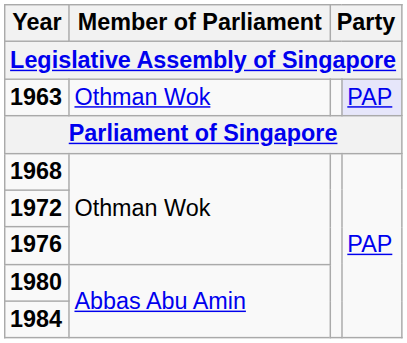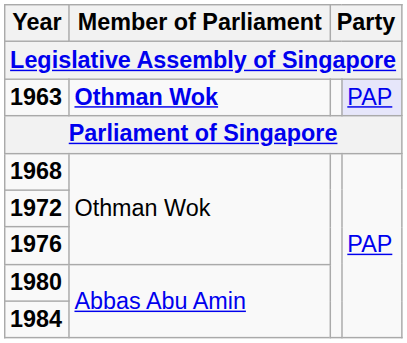 <table class="wikitable">
 <tr>
 <th>Year</th>
 <th>Member of Parliament</th>
 <th colspan="2">Party</th>
 </tr>
 <tr>
 <th colspan="4"><a href='#'>Legislative Assembly of Singapore</a></th>
 </tr>
 <tr>
 <td><strong>1963</strong></td>
-<td><a href='#'>Othman Wok</a></td>
+<td><strong><a href='#'>Othman Wok</a></strong></td>
 <td></td>
 <td style="background: lavender;"><a href='#'>PAP</a></td>
 </tr>
 <tr>
 <th colspan="4"><a href='#'>Parliament of Singapore</a></th>
 </tr>
 <tr>
 <td><strong>1968</strong></td>
 <td rowspan="3">Othman Wok</td>
 <td rowspan="5"></td>
 <td rowspan="5"><a href='#'>PAP</a></td>
 </tr>
 <tr>
 <td><strong>1972</strong></td>
 </tr>
 <tr>
 <td><strong>1976</strong></td>
 </tr>
 <tr>
 <td><strong>1980</strong></td>
 <td rowspan="2"><a href='#'>Abbas Abu Amin</a></td>
 </tr>
 <tr>
 <td><strong>1984</strong></td>
 </tr>
 </table>
